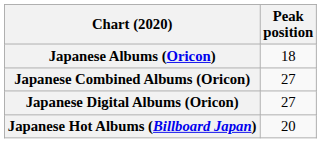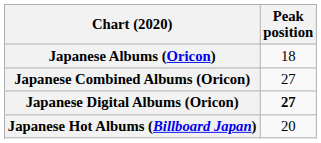 <table class="wikitable sortable plainrowheaders">
 <tr>
 <th>Chart (2020)</th>
 <th>Peak<br>position</th>
 </tr>
 <tr>
 <th scope="row">Japanese Albums (<a href='#'>Oricon</a>)</th>
 <td align="center">18</td>
 </tr>
 <tr>
 <th scope="row">Japanese Combined Albums (Oricon)</th>
 <td align="center">27</td>
 </tr>
 <tr>
 <th scope="row">Japanese Digital Albums (Oricon)</th>
-<td align="center">27</td>
+<td align="center"><strong>27</strong></td>
 </tr>
 <tr>
 <th scope="row">Japanese Hot Albums (<em><a href='#'>Billboard Japan</a></em>)</th>
 <td align="center">20</td>
 </tr>
 </table>
